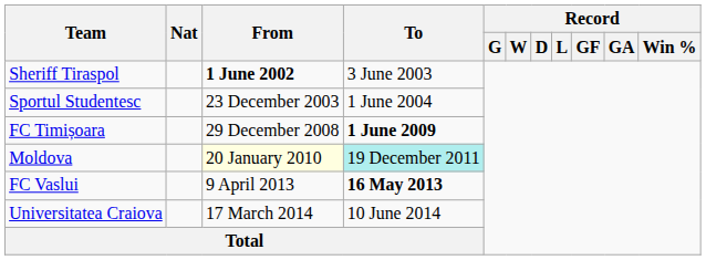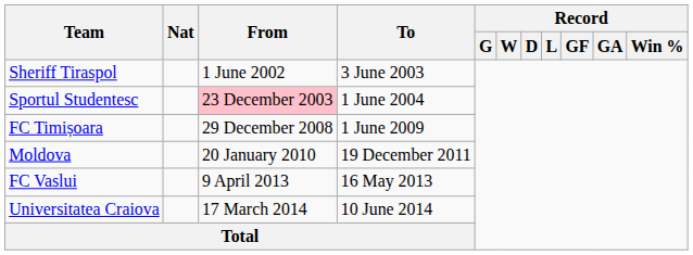 <table class="wikitable" style="text-align: center">
 <tr>
 <th rowspan=2>Team</th>
 <th rowspan=2>Nat</th>
 <th rowspan=2>From</th>
 <th rowspan=2>To</th>
 <th colspan=7>Record</th>
 </tr>
 <tr>
 <th>G</th>
 <th>W</th>
 <th>D</th>
 <th>L</th>
 <th>GF</th>
 <th>GA</th>
 <th>Win %</th>
 </tr>
 <tr>
 <td align=left><a href='#'>Sheriff Tiraspol</a></td>
 <td></td>
-<td align=left><strong>1 June 2002</strong></td>
+<td align=left>1 June 2002</td>
 <td align=left>3 June 2003<br></td>
 </tr>
 <tr>
 <td align=left><a href='#'>Sportul Studentesc</a></td>
 <td></td>
-<td align=left>23 December 2003</td>
+<td align=left style="background: pink;">23 December 2003</td>
 <td align=left>1 June 2004<br></td>
 </tr>
 <tr>
 <td align=left><a href='#'>FC Timișoara</a></td>
 <td></td>
 <td align=left>29 December 2008</td>
-<td align=left><strong>1 June 2009<br></strong></td>
+<td align=left>1 June 2009<br></td>
 </tr>
 <tr>
 <td align=left><a href='#'>Moldova</a></td>
 <td></td>
-<td align=left style="background: lightyellow;">20 January 2010</td>
-<td align=left style="background: paleturquoise;">19 December 2011<br></td>
+<td align=left>20 January 2010</td>
+<td align=left>19 December 2011<br></td>
 </tr>
 <tr>
 <td align=left><a href='#'>FC Vaslui</a></td>
 <td></td>
 <td align=left>9 April 2013</td>
-<td align=left><strong>16 May 2013<br></strong></td>
+<td align=left>16 May 2013<br></td>
 </tr>
 <tr>
 <td align=left><a href='#'>Universitatea Craiova</a></td>
 <td></td>
 <td align=left>17 March 2014</td>
 <td align=left>10 June 2014<br></td>
 </tr>
 <tr>
 <th colspan=4>Total<br></th>
 </tr>
 </table>
